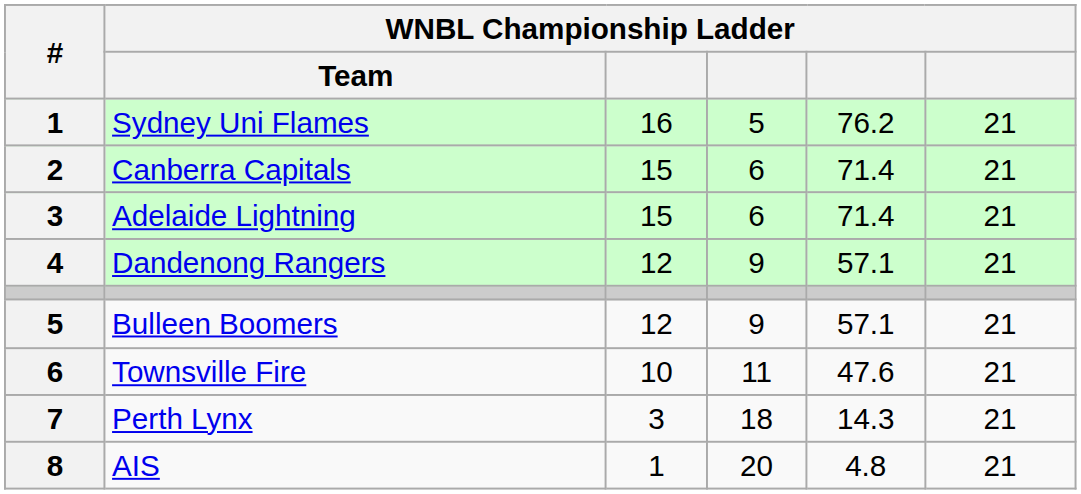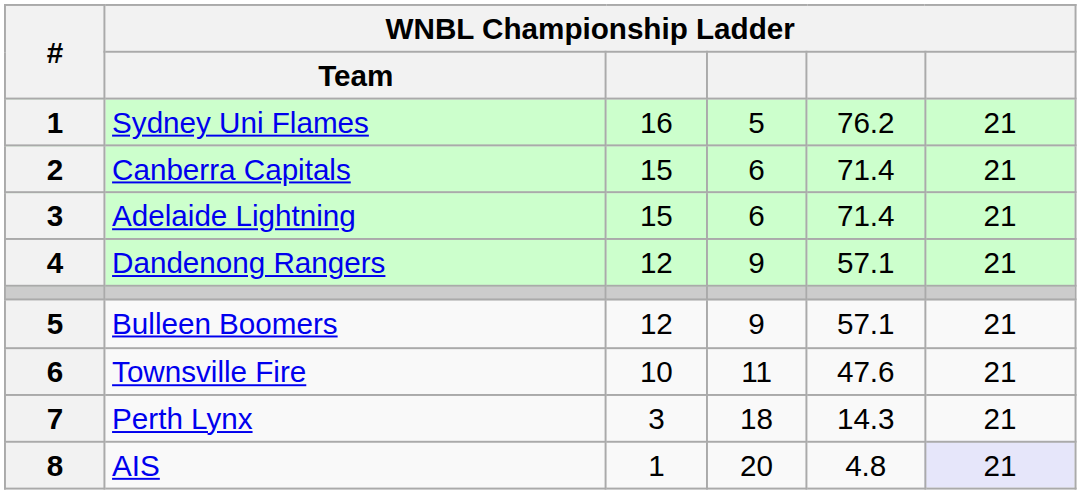 <table class="wikitable" width="43.5%" style="font-size:95%; text-align:center">
 <tr>
 <th width="5%" rowspan=2>#</th>
 <th colspan="6" align="center"><strong>WNBL Championship Ladder</strong></th>
 </tr>
 <tr>
 <th width="25%">Team</th>
 <th width="5%"></th>
 <th width="5%"></th>
 <th width="5%"></th>
 <th width="7.5%"></th>
 </tr>
 <tr style="background-color:#CCFFCC">
 <th>1</th>
 <td style="text-align:left;"><a href='#'>Sydney Uni Flames</a></td>
 <td>16</td>
 <td>5</td>
 <td>76.2</td>
 <td>21</td>
 </tr>
 <tr style="background-color:#CCFFCC">
 <th>2</th>
 <td style="text-align:left;"><a href='#'>Canberra Capitals</a></td>
 <td>15</td>
 <td>6</td>
 <td>71.4</td>
 <td>21</td>
 </tr>
 <tr style="background-color:#CCFFCC">
 <th>3</th>
 <td style="text-align:left;"><a href='#'>Adelaide Lightning</a></td>
 <td>15</td>
 <td>6</td>
 <td>71.4</td>
 <td>21</td>
 </tr>
 <tr style="background-color:#CCFFCC">
 <th>4</th>
 <td style="text-align:left;"><a href='#'>Dandenong Rangers</a></td>
 <td>12</td>
 <td>9</td>
 <td>57.1</td>
 <td>21</td>
 </tr>
 <tr style="background-color:#cccccc;">
 <td></td>
 <td></td>
 <td></td>
 <td></td>
 <td></td>
 <td></td>
 </tr>
 <tr>
 <th>5</th>
 <td style="text-align:left;"><a href='#'>Bulleen Boomers</a></td>
 <td>12</td>
 <td>9</td>
 <td>57.1</td>
 <td>21</td>
 </tr>
 <tr>
 <th>6</th>
 <td style="text-align:left;"><a href='#'>Townsville Fire</a></td>
 <td>10</td>
 <td>11</td>
 <td>47.6</td>
 <td>21</td>
 </tr>
 <tr>
 <th>7</th>
 <td style="text-align:left;"><a href='#'>Perth Lynx</a></td>
 <td>3</td>
 <td>18</td>
 <td>14.3</td>
 <td>21</td>
 </tr>
 <tr>
 <th>8</th>
 <td style="text-align:left;"><a href='#'>AIS</a></td>
 <td>1</td>
 <td>20</td>
 <td>4.8</td>
-<td>21</td>
+<td style="background: lavender;">21</td>
 </tr>
 </table>
